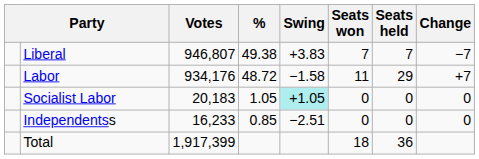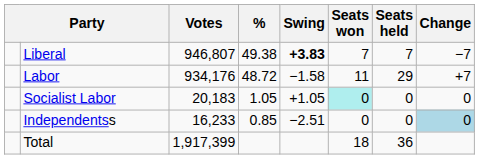 <table class="wikitable">
 <tr>
 <th colspan=2  style="width:180px">Party</th>
 <th style="width:70px">Votes</th>
 <th style="width:40px">%</th>
 <th style="width:40px">Swing</th>
 <th style="width:40px">Seats won</th>
 <th style="width:40px">Seats held</th>
 <th style="width:40px">Change</th>
 </tr>
 <tr>
 <td> </td>
 <td><a href='#'>Liberal</a></td>
 <td align=right>946,807</td>
 <td align=right>49.38</td>
-<td align=right>+3.83</td>
+<td align=right><strong>+3.83</strong></td>
 <td align=right>7</td>
 <td align=right>7</td>
 <td align=right>−7</td>
 </tr>
 <tr>
 <td> </td>
 <td><a href='#'>Labor</a></td>
 <td align=right>934,176</td>
 <td align=right>48.72</td>
 <td align=right>−1.58</td>
 <td align=right>11</td>
 <td align=right>29</td>
 <td align=right>+7</td>
 </tr>
 <tr>
 <td> </td>
 <td><a href='#'>Socialist Labor</a></td>
 <td align=right>20,183</td>
 <td align=right>1.05</td>
-<td align=right style="background: paleturquoise;">+1.05</td>
-<td align=right>0</td>
+<td align=right>+1.05</td>
+<td align=right style="background: paleturquoise;">0</td>
 <td align=right>0</td>
 <td align=right>0</td>
 </tr>
 <tr>
 <td> </td>
 <td><a href='#'>Independents</a>s</td>
 <td align=right>16,233</td>
 <td align=right>0.85</td>
 <td align=right>−2.51</td>
 <td align=right>0</td>
 <td align=right>0</td>
-<td align=right>0</td>
+<td align=right style="background: lightblue;">0</td>
 </tr>
 <tr>
 <td> </td>
 <td>Total</td>
 <td align=right>1,917,399</td>
 <td align=right> </td>
 <td align=right> </td>
 <td align=right>18</td>
 <td align=right>36</td>
 <td align=right></td>
 </tr>
 </table>
